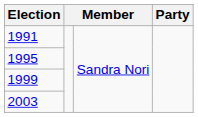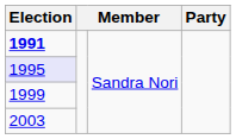 <table class="wikitable">
 <tr>
 <th>Election</th>
 <th colspan="2">Member</th>
 <th>Party</th>
 </tr>
 <tr>
-<td><a href='#'>1991</a></td>
+<td><strong><a href='#'>1991</a></strong></td>
 <td rowspan="4" > </td>
 <td rowspan="4"><a href='#'>Sandra Nori</a></td>
 <td rowspan="4"></td>
 </tr>
 <tr>
-<td><a href='#'>1995</a></td>
+<td style="background: lavender;"><a href='#'>1995</a></td>
 </tr>
 <tr>
 <td><a href='#'>1999</a></td>
 </tr>
 <tr>
 <td><a href='#'>2003</a></td>
 </tr>
 </table>
